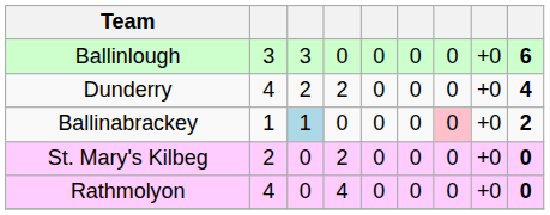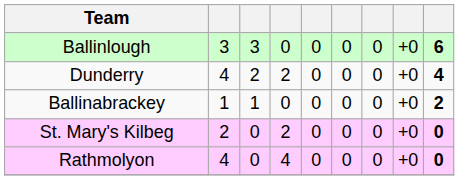 <table class="wikitable" style="text-align:center">
 <tr>
 <th width="175">Team</th>
 <th width="20"></th>
 <th width="20"></th>
 <th width="20"></th>
 <th width="20"></th>
 <th width="20"></th>
 <th width="20"></th>
 <th width="20"></th>
 <th width="20"></th>
 </tr>
 <tr style="background:#cfc;">
 <td>Ballinlough</td>
 <td>3</td>
 <td>3</td>
 <td>0</td>
 <td>0</td>
 <td>0</td>
 <td>0</td>
 <td>+0</td>
 <td><strong>6</strong></td>
 </tr>
 <tr>
 <td>Dunderry</td>
 <td>4</td>
 <td>2</td>
 <td>2</td>
 <td>0</td>
 <td>0</td>
 <td>0</td>
 <td>+0</td>
 <td><strong>4</strong></td>
 </tr>
 <tr>
 <td>Ballinabrackey</td>
 <td>1</td>
-<td style="background: lightblue;">1</td>
+<td>1</td>
 <td>0</td>
 <td>0</td>
 <td>0</td>
-<td style="background: pink;">0</td>
+<td>0</td>
 <td>+0</td>
 <td><strong>2</strong></td>
 </tr>
 <tr style="background:#fcf;">
 <td>St. Mary's Kilbeg</td>
 <td>2</td>
 <td>0</td>
 <td>2</td>
 <td>0</td>
 <td>0</td>
 <td>0</td>
 <td>+0</td>
 <td><strong>0</strong></td>
 </tr>
 <tr style="background:#fcf;">
 <td>Rathmolyon</td>
 <td>4</td>
 <td>0</td>
 <td>4</td>
 <td>0</td>
 <td>0</td>
 <td>0</td>
 <td>+0</td>
 <td><strong>0</strong></td>
 </tr>
 <tr>
 </tr>
 </table>
